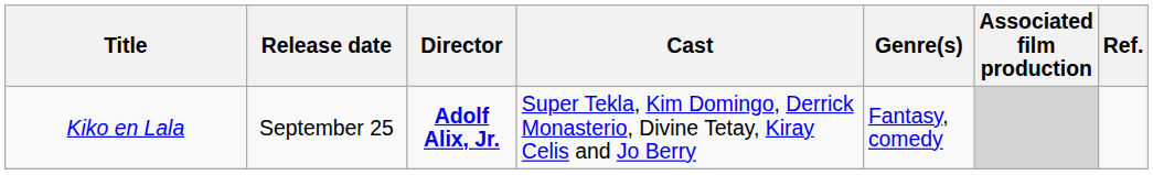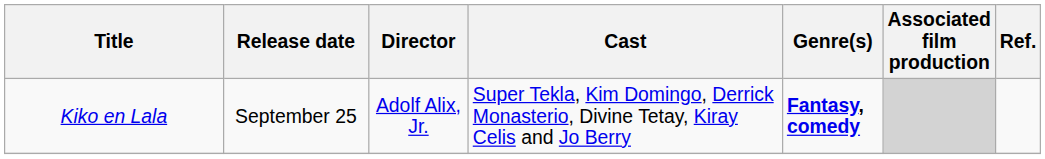 <table class="wikitable" style="width:97%">
 <tr>
 <th style="width:25%;">Title</th>
 <th style="width:15%;">Release date</th>
 <th style="width:10%;">Director</th>
 <th style="width:35%;">Cast </th>
 <th style="width:10%;">Genre(s)</th>
 <th style="width:20%;">Associated film production</th>
 <th style="width:2%;">Ref.</th>
 </tr>
 <tr>
 <td style="text-align: center;"><em><a href='#'>Kiko en Lala</a></em></td>
 <td style="text-align: center;">September 25</td>
-<td style="text-align: center;"><strong><a href='#'>Adolf Alix, Jr.</a></strong></td>
+<td style="text-align: center;"><a href='#'>Adolf Alix, Jr.</a></td>
 <td><a href='#'>Super Tekla</a>, <a href='#'>Kim Domingo</a>, <a href='#'>Derrick Monasterio</a>, Divine Tetay, <a href='#'>Kiray Celis</a> and <a href='#'>Jo Berry</a></td>
-<td><a href='#'>Fantasy</a>, <a href='#'>comedy</a></td>
+<td><strong><a href='#'>Fantasy</a>, <a href='#'>comedy</a></strong></td>
 <td style="background:#D3D3D3;"></td>
 <td></td>
 </tr>
 <tr>
 </tr>
 </table>
